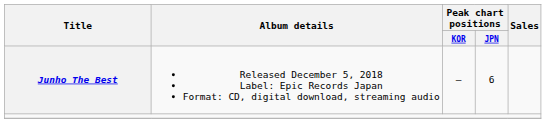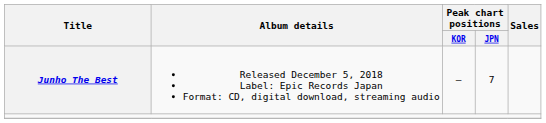 <table class="wikitable plainrowheaders" style="text-align:center;">
 <tr>
 <th scope="col" rowspan="2" style="width:15em;">Title</th>
 <th scope="col" rowspan="2">Album details</th>
 <th colspan="2" scope="col">Peak chart positions</th>
 <th scope="col" rowspan="2">Sales</th>
 </tr>
 <tr>
 <th scope="col" style="width:3em"><small><a href='#'>KOR</a></small><br></th>
 <th scope="col" style="width:3em"><small><a href='#'>JPN</a></small><br></th>
 </tr>
 <tr>
 <th scope="row"><em><a href='#'>Junho The Best</a></em></th>
 <td><br><ul><li>Released December 5, 2018 </li><li>Label: Epic Records Japan</li><li>Format: CD, digital download, streaming audio</li></ul></td>
 <td>—</td>
-<td>6</td>
+<td>7</td>
 </tr>
 <tr>
 <td colspan="5"></td>
 </tr>
 <tr>
 </tr>
 </table>
